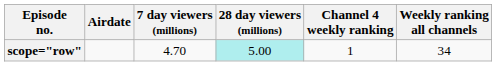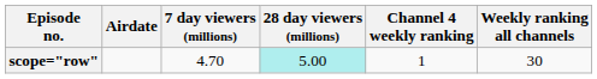 <table class="wikitable" style="text-align:center;">
 <tr>
 <th scope="col">Episode<br>no.</th>
 <th scope="col">Airdate</th>
 <th scope="col">7 day viewers<br><small>(millions)</small></th>
 <th scope="col">28 day viewers<br><small>(millions)</small></th>
 <th scope="col">Channel 4<br>weekly ranking</th>
 <th scope="col">Weekly ranking<br>all channels</th>
 </tr>
 <tr>
 <th>scope="row" </th>
 <td></td>
 <td>4.70</td>
 <td style="background: paleturquoise;">5.00</td>
 <td>1</td>
-<td>34</td>
+<td>30</td>
 </tr>
 </table>
